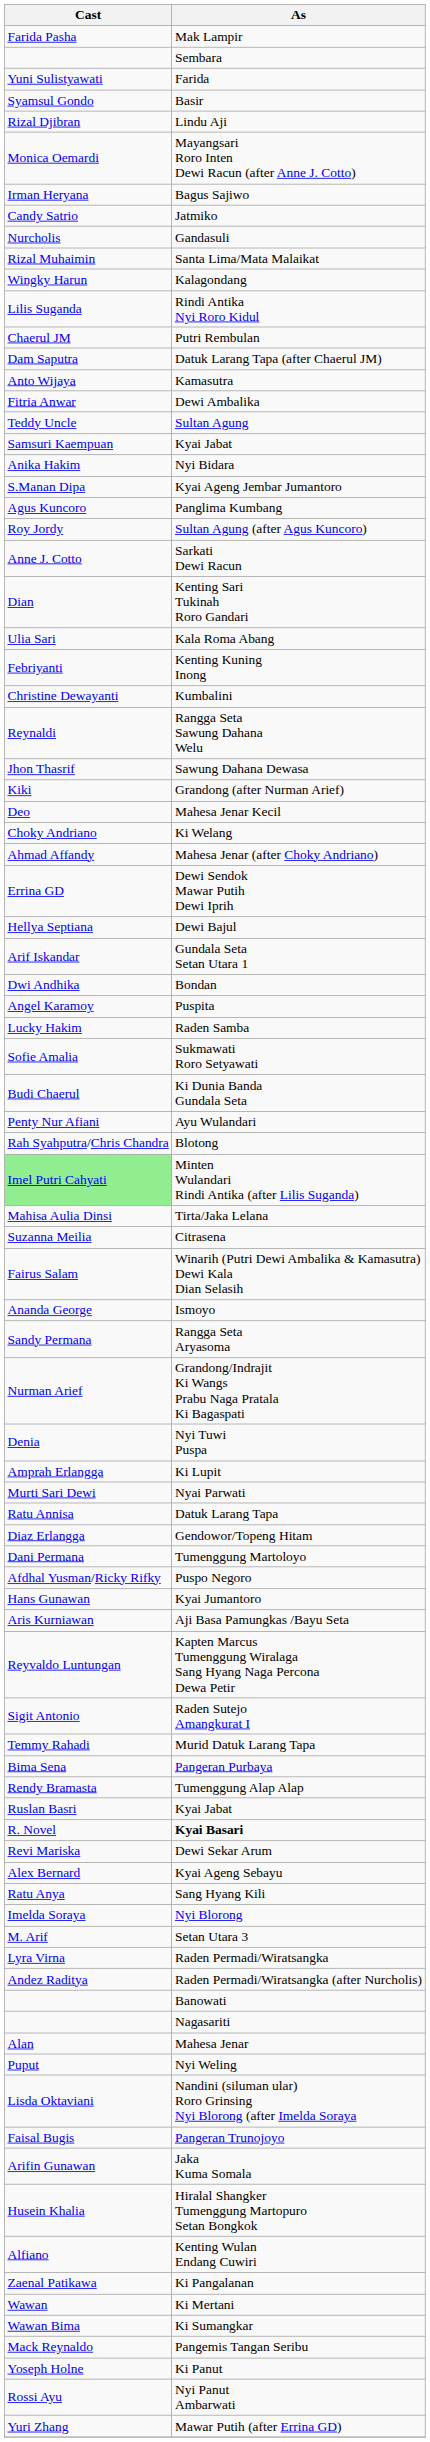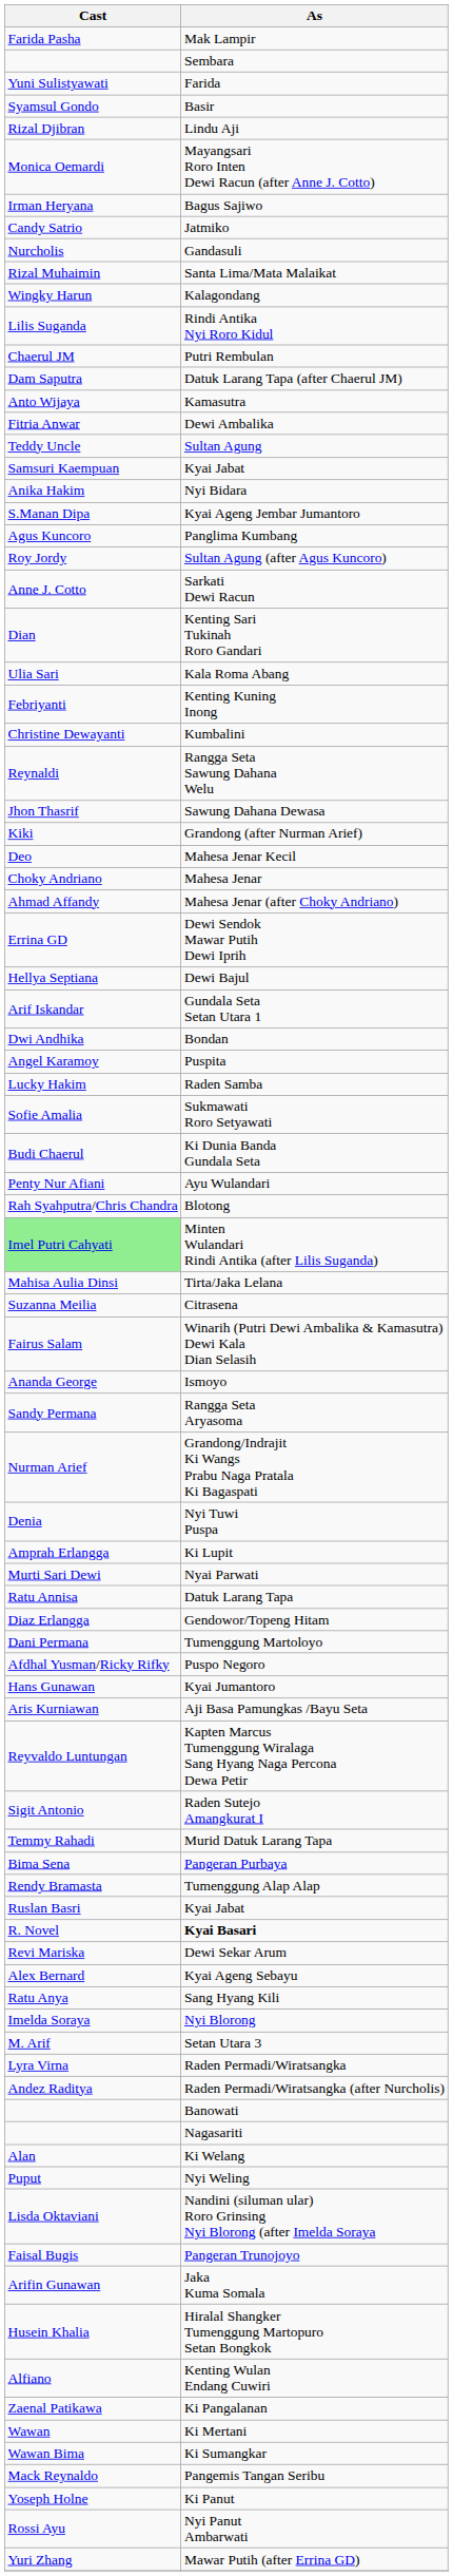 <table class="wikitable">
 <tr>
 <th>Cast</th>
 <th>As</th>
 </tr>
 <tr>
 <td><a href='#'>Farida Pasha</a></td>
 <td>Mak Lampir</td>
 </tr>
 <tr>
 <td></td>
 <td>Sembara</td>
 </tr>
 <tr>
 <td><a href='#'>Yuni Sulistyawati</a></td>
 <td>Farida</td>
 </tr>
 <tr>
 <td><a href='#'>Syamsul Gondo</a></td>
 <td>Basir</td>
 </tr>
 <tr>
 <td><a href='#'>Rizal Djibran</a></td>
 <td>Lindu Aji</td>
 </tr>
 <tr>
 <td><a href='#'>Monica Oemardi</a></td>
 <td>Mayangsari<br>Roro Inten<br>Dewi Racun (after <a href='#'>Anne J. Cotto</a>)</td>
 </tr>
 <tr>
 <td><a href='#'>Irman Heryana</a></td>
 <td>Bagus Sajiwo</td>
 </tr>
 <tr>
 <td><a href='#'>Candy Satrio</a></td>
 <td>Jatmiko</td>
 </tr>
 <tr>
 <td><a href='#'>Nurcholis</a></td>
 <td>Gandasuli</td>
 </tr>
 <tr>
 <td><a href='#'>Rizal Muhaimin</a></td>
 <td>Santa Lima/Mata Malaikat</td>
 </tr>
 <tr>
 <td><a href='#'>Wingky Harun</a></td>
 <td>Kalagondang</td>
 </tr>
 <tr>
 <td><a href='#'>Lilis Suganda</a></td>
 <td>Rindi Antika <br><a href='#'>Nyi Roro Kidul</a></td>
 </tr>
 <tr>
 <td><a href='#'>Chaerul JM</a></td>
 <td>Putri Rembulan</td>
 </tr>
 <tr>
 <td><a href='#'>Dam Saputra</a></td>
 <td>Datuk Larang Tapa (after Chaerul JM)</td>
 </tr>
 <tr>
 <td><a href='#'>Anto Wijaya</a></td>
 <td>Kamasutra</td>
 </tr>
 <tr>
 <td><a href='#'>Fitria Anwar</a></td>
 <td>Dewi Ambalika</td>
 </tr>
 <tr>
 <td><a href='#'>Teddy Uncle</a></td>
 <td><a href='#'>Sultan Agung</a></td>
 </tr>
 <tr>
 <td><a href='#'>Samsuri Kaempuan</a></td>
 <td>Kyai Jabat</td>
 </tr>
 <tr>
 <td><a href='#'>Anika Hakim</a></td>
 <td>Nyi Bidara</td>
 </tr>
 <tr>
 <td><a href='#'>S.Manan Dipa</a></td>
 <td>Kyai Ageng Jembar Jumantoro</td>
 </tr>
 <tr>
 <td><a href='#'>Agus Kuncoro</a></td>
 <td>Panglima Kumbang</td>
 </tr>
 <tr>
 <td><a href='#'>Roy Jordy</a></td>
 <td><a href='#'>Sultan Agung</a> (after <a href='#'>Agus Kuncoro</a>)</td>
 </tr>
 <tr>
 <td><a href='#'>Anne J. Cotto</a></td>
 <td>Sarkati<br>Dewi Racun</td>
 </tr>
 <tr>
 <td><a href='#'>Dian</a></td>
 <td>Kenting Sari<br>Tukinah<br>Roro Gandari</td>
 </tr>
 <tr>
 <td><a href='#'>Ulia Sari</a></td>
 <td>Kala Roma Abang</td>
 </tr>
 <tr>
 <td><a href='#'>Febriyanti</a></td>
 <td>Kenting Kuning <br>Inong</td>
 </tr>
 <tr>
 <td><a href='#'>Christine Dewayanti</a></td>
 <td>Kumbalini</td>
 </tr>
 <tr>
 <td><a href='#'>Reynaldi</a></td>
 <td>Rangga Seta<br>Sawung Dahana<br>Welu</td>
 </tr>
 <tr>
 <td><a href='#'>Jhon Thasrif</a></td>
 <td>Sawung Dahana Dewasa</td>
 </tr>
 <tr>
 <td><a href='#'>Kiki</a></td>
 <td>Grandong  (after Nurman Arief)</td>
 </tr>
 <tr>
 <td><a href='#'>Deo</a></td>
 <td>Mahesa Jenar Kecil</td>
 </tr>
 <tr>
 <td><a href='#'>Choky Andriano</a></td>
-<td>Ki Welang</td>
+<td>Mahesa Jenar</td>
 </tr>
 <tr>
 <td><a href='#'>Ahmad Affandy</a></td>
 <td>Mahesa Jenar (after <a href='#'>Choky Andriano</a>)</td>
 </tr>
 <tr>
 <td><a href='#'>Errina GD</a></td>
 <td>Dewi Sendok<br>Mawar Putih<br>Dewi Iprih</td>
 </tr>
 <tr>
 <td><a href='#'>Hellya Septiana</a></td>
 <td>Dewi Bajul</td>
 </tr>
 <tr>
 <td><a href='#'>Arif Iskandar</a></td>
 <td>Gundala Seta<br>Setan Utara 1</td>
 </tr>
 <tr>
 <td><a href='#'>Dwi Andhika</a></td>
 <td>Bondan</td>
 </tr>
 <tr>
 <td><a href='#'>Angel Karamoy</a></td>
 <td>Puspita</td>
 </tr>
 <tr>
 <td><a href='#'>Lucky Hakim</a></td>
 <td>Raden Samba</td>
 </tr>
 <tr>
 <td><a href='#'>Sofie Amalia</a></td>
 <td>Sukmawati<br>Roro Setyawati</td>
 </tr>
 <tr>
 <td><a href='#'>Budi Chaerul</a></td>
 <td>Ki Dunia Banda<br>Gundala Seta</td>
 </tr>
 <tr>
 <td><a href='#'>Penty Nur Afiani</a></td>
 <td>Ayu Wulandari</td>
 </tr>
 <tr>
 <td><a href='#'>Rah Syahputra</a>/<a href='#'>Chris Chandra</a></td>
 <td>Blotong</td>
 </tr>
 <tr>
 <td style="background: lightgreen;"><a href='#'>Imel Putri Cahyati</a></td>
 <td>Minten<br>Wulandari<br>Rindi Antika (after <a href='#'>Lilis Suganda</a>)</td>
 </tr>
 <tr>
 <td><a href='#'>Mahisa Aulia Dinsi</a></td>
 <td>Tirta/Jaka Lelana</td>
 </tr>
 <tr>
 <td><a href='#'>Suzanna Meilia</a></td>
 <td>Citrasena</td>
 </tr>
 <tr>
 <td><a href='#'>Fairus Salam</a></td>
 <td>Winarih (Putri Dewi Ambalika & Kamasutra)<br>Dewi Kala<br>Dian Selasih</td>
 </tr>
 <tr>
 <td><a href='#'>Ananda George</a></td>
 <td>Ismoyo</td>
 </tr>
 <tr>
 <td><a href='#'>Sandy Permana</a></td>
 <td>Rangga Seta<br>Aryasoma</td>
 </tr>
 <tr>
 <td><a href='#'>Nurman Arief</a></td>
 <td>Grandong/Indrajit<br>Ki Wangs<br>Prabu Naga Pratala<br>Ki Bagaspati</td>
 </tr>
 <tr>
 <td><a href='#'>Denia</a></td>
 <td>Nyi Tuwi<br>Puspa</td>
 </tr>
 <tr>
 <td><a href='#'>Amprah Erlangga</a></td>
 <td>Ki Lupit</td>
 </tr>
 <tr>
 <td><a href='#'>Murti Sari Dewi</a></td>
 <td>Nyai Parwati</td>
 </tr>
 <tr>
 <td><a href='#'>Ratu Annisa</a></td>
 <td>Datuk Larang Tapa</td>
 </tr>
 <tr>
 <td><a href='#'>Diaz Erlangga</a></td>
 <td>Gendowor/Topeng Hitam</td>
 </tr>
 <tr>
 <td><a href='#'>Dani Permana</a></td>
 <td>Tumenggung Martoloyo</td>
 </tr>
 <tr>
 <td><a href='#'>Afdhal Yusman</a>/<a href='#'>Ricky Rifky</a></td>
 <td>Puspo Negoro</td>
 </tr>
 <tr>
 <td><a href='#'>Hans Gunawan</a></td>
 <td>Kyai Jumantoro</td>
 </tr>
 <tr>
 <td><a href='#'>Aris Kurniawan</a></td>
 <td>Aji Basa Pamungkas /Bayu Seta</td>
 </tr>
 <tr>
 <td><a href='#'>Reyvaldo Luntungan</a></td>
 <td>Kapten Marcus<br>Tumenggung Wiralaga<br>Sang Hyang Naga Percona<br>Dewa Petir</td>
 </tr>
 <tr>
 <td><a href='#'>Sigit Antonio</a></td>
 <td>Raden Sutejo<br><a href='#'>Amangkurat I</a></td>
 </tr>
 <tr>
 <td><a href='#'>Temmy Rahadi</a></td>
 <td>Murid Datuk Larang Tapa</td>
 </tr>
 <tr>
 <td><a href='#'>Bima Sena</a></td>
 <td><a href='#'>Pangeran Purbaya</a></td>
 </tr>
 <tr>
 <td><a href='#'>Rendy Bramasta</a></td>
 <td>Tumenggung Alap Alap</td>
 </tr>
 <tr>
 <td><a href='#'>Ruslan Basri</a></td>
 <td>Kyai Jabat</td>
 </tr>
 <tr>
 <td><a href='#'>R. Novel</a></td>
 <td><strong>Kyai Basari</strong></td>
 </tr>
 <tr>
 <td><a href='#'>Revi Mariska</a></td>
 <td>Dewi Sekar Arum</td>
 </tr>
 <tr>
 <td><a href='#'>Alex Bernard</a></td>
 <td>Kyai Ageng Sebayu</td>
 </tr>
 <tr>
 <td><a href='#'>Ratu Anya</a></td>
 <td>Sang Hyang Kili</td>
 </tr>
 <tr>
 <td><a href='#'>Imelda Soraya</a></td>
 <td><a href='#'>Nyi Blorong</a></td>
 </tr>
 <tr>
 <td><a href='#'>M. Arif</a></td>
 <td>Setan Utara 3</td>
 </tr>
 <tr>
 <td><a href='#'>Lyra Virna</a></td>
 <td>Raden Permadi/Wiratsangka</td>
 </tr>
 <tr>
 <td><a href='#'>Andez Raditya</a></td>
 <td>Raden Permadi/Wiratsangka (after Nurcholis)</td>
 </tr>
 <tr>
 <td></td>
 <td>Banowati</td>
 </tr>
 <tr>
 <td></td>
 <td>Nagasariti</td>
 </tr>
 <tr>
 <td><a href='#'>Alan</a></td>
-<td>Mahesa Jenar</td>
+<td>Ki Welang</td>
 </tr>
 <tr>
 <td><a href='#'>Puput</a></td>
 <td>Nyi Weling</td>
 </tr>
 <tr>
 <td><a href='#'>Lisda Oktaviani</a></td>
 <td>Nandini (siluman ular)<br>Roro Grinsing<br><a href='#'>Nyi Blorong</a> (after <a href='#'>Imelda Soraya</a></td>
 </tr>
 <tr>
 <td><a href='#'>Faisal Bugis</a></td>
 <td><a href='#'>Pangeran Trunojoyo</a></td>
 </tr>
 <tr>
 <td><a href='#'>Arifin Gunawan</a></td>
 <td>Jaka<br>Kuma Somala</td>
 </tr>
 <tr>
 <td><a href='#'>Husein Khalia</a></td>
 <td>Hiralal Shangker<br>Tumenggung Martopuro<br>Setan Bongkok</td>
 </tr>
 <tr>
 <td><a href='#'>Alfiano</a></td>
 <td>Kenting Wulan<br>Endang Cuwiri</td>
 </tr>
 <tr>
 <td><a href='#'>Zaenal Patikawa</a></td>
 <td>Ki Pangalanan</td>
 </tr>
 <tr>
 <td><a href='#'>Wawan</a></td>
 <td>Ki Mertani</td>
 </tr>
 <tr>
 <td><a href='#'>Wawan Bima</a></td>
 <td>Ki Sumangkar</td>
 </tr>
 <tr>
 <td><a href='#'>Mack Reynaldo</a></td>
 <td>Pangemis Tangan Seribu</td>
 </tr>
 <tr>
 <td><a href='#'>Yoseph Holne</a></td>
 <td>Ki Panut</td>
 </tr>
 <tr>
 <td><a href='#'>Rossi Ayu</a></td>
 <td>Nyi Panut<br>Ambarwati</td>
 </tr>
 <tr>
 <td><a href='#'>Yuri Zhang</a></td>
 <td>Mawar Putih (after <a href='#'>Errina GD</a>)</td>
 </tr>
 <tr>
 </tr>
 </table>
